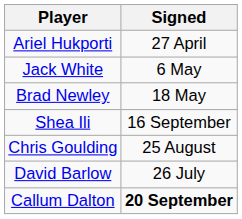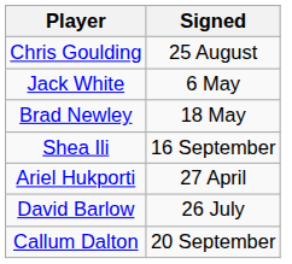 <table class="wikitable sortable sortable" style="text-align: center">
 <tr>
 <th>Player</th>
 <th>Signed</th>
 </tr>
 <tr>
-<td><a href='#'>Ariel Hukporti</a></td>
-<td>27 April</td>
+<td><a href='#'>Chris Goulding</a></td>
+<td>25 August</td>
 </tr>
 <tr>
 <td><a href='#'>Jack White</a></td>
 <td>6 May</td>
 </tr>
 <tr>
 <td><a href='#'>Brad Newley</a></td>
 <td>18 May</td>
 </tr>
 <tr>
 <td><a href='#'>Shea Ili</a></td>
 <td>16 September</td>
 </tr>
 <tr>
-<td><a href='#'>Chris Goulding</a></td>
-<td>25 August</td>
+<td><a href='#'>Ariel Hukporti</a></td>
+<td>27 April</td>
 </tr>
 <tr>
 <td><a href='#'>David Barlow</a></td>
 <td>26 July</td>
 </tr>
 <tr>
 <td><a href='#'>Callum Dalton</a></td>
-<td><strong>20 September</strong></td>
+<td>20 September</td>
 </tr>
 </table>
